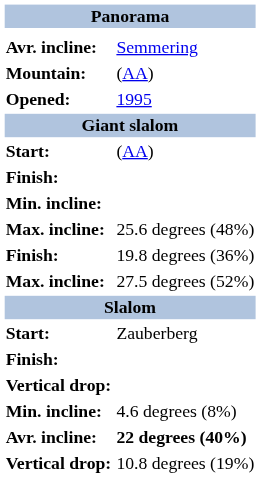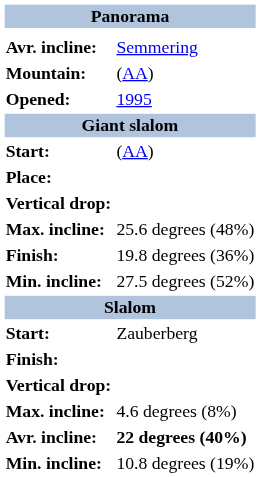 <table border=0 class="toccolours float-right" align="right" style="margin:0 0 0.5em 1em; font-size: 85%;">
 <tr>
 <th bgcolor=#b0c4de colspan=2 align="center">Panorama</th>
 </tr>
 <tr>
 <td align="center" colspan=2></td>
 </tr>
 <tr>
 <td><strong>Avr. incline:</strong></td>
 <td> <a href='#'>Semmering</a></td>
 </tr>
 <tr>
 <td><strong>Mountain:</strong></td>
 <td> (<a href='#'>AA</a>)</td>
 </tr>
 <tr>
 <td><strong>Opened:</strong></td>
 <td><a href='#'>1995</a></td>
 </tr>
 <tr>
 <th bgcolor=#b0c4de colspan=2 align="center">Giant slalom</th>
 </tr>
 <tr>
 <td><strong>Start:</strong></td>
 <td> (<a href='#'>AA</a>)</td>
 </tr>
 <tr>
-<td><strong>Finish:</strong></td>
+<td><strong>Place:</strong></td>
 <td></td>
 </tr>
 <tr>
-<td><strong>Min. incline:</strong></td>
+<td><strong>Vertical drop:</strong></td>
 <td></td>
 </tr>
 <tr>
 <td><strong>Max. incline:</strong></td>
 <td>25.6 degrees (48%)</td>
 </tr>
 <tr>
 <td><strong>Finish:</strong></td>
 <td>19.8 degrees (36%)</td>
 </tr>
 <tr>
-<td><strong>Max. incline:</strong></td>
+<td><strong>Min. incline:</strong></td>
 <td>27.5 degrees (52%)</td>
 </tr>
 <tr>
 <th bgcolor=#b0c4de colspan=2 align="center">Slalom</th>
 </tr>
 <tr>
 <td><strong>Start:</strong></td>
 <td>Zauberberg</td>
 </tr>
 <tr>
 <td><strong>Finish:</strong></td>
 <td></td>
 </tr>
 <tr>
 <td><strong>Vertical drop:</strong></td>
 <td></td>
 </tr>
 <tr>
-<td><strong>Min. incline:</strong></td>
+<td><strong>Max. incline:</strong></td>
 <td>4.6 degrees (8%)</td>
 </tr>
 <tr>
 <td><strong>Avr. incline:</strong></td>
 <td><strong>22 degrees (40%)</strong></td>
 </tr>
 <tr>
-<td><strong>Vertical drop:</strong></td>
+<td><strong>Min. incline:</strong></td>
 <td>10.8 degrees (19%)</td>
 </tr>
 </table>
